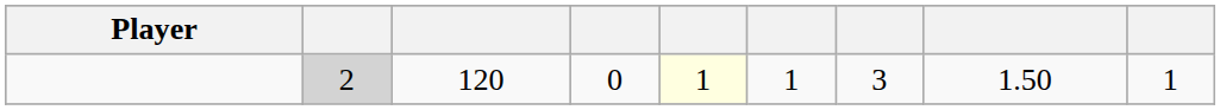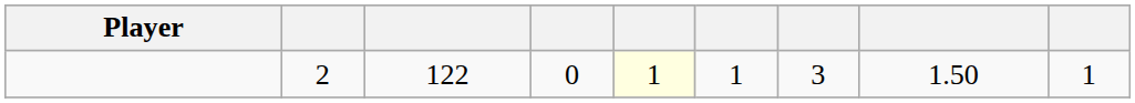 <table class="wikitable sortable" style="width:100%;">
 <tr style="text-align:center; background:#ddd;">
 <th>Player</th>
 <th></th>
 <th></th>
 <th></th>
 <th></th>
 <th></th>
 <th></th>
 <th></th>
 <th></th>
 </tr>
 <tr align=center>
 <td></td>
-<td style="background: lightgrey;">2</td>
-<td>120</td>
+<td>2</td>
+<td>122</td>
 <td>0</td>
 <td style="background: lightyellow;">1</td>
 <td>1</td>
 <td>3</td>
 <td>1.50</td>
 <td>1</td>
 </tr>
 </table>
